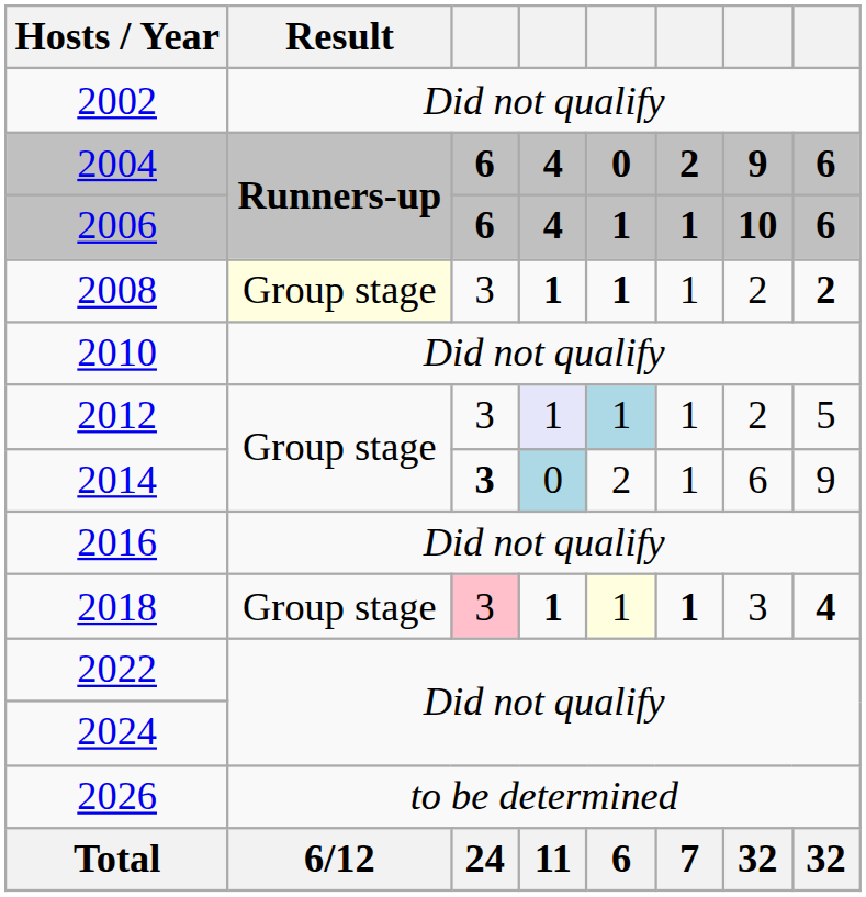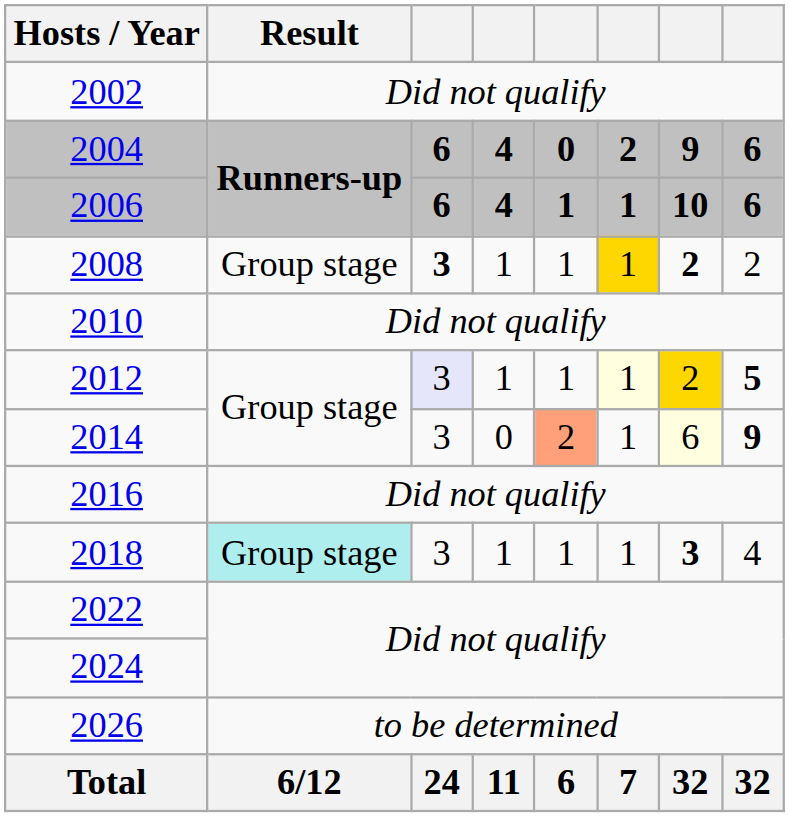 <table class="wikitable" style="text-align: center;">
 <tr>
 <th>Hosts / Year</th>
 <th>Result</th>
 <th width=20></th>
 <th width=20></th>
 <th width=20></th>
 <th width=20></th>
 <th width=20></th>
 <th width=20></th>
 </tr>
 <tr>
 <td> <a href='#'>2002</a></td>
 <td colspan=7><em>Did not qualify</em></td>
 </tr>
 <tr bgcolor=silver>
 <td> <a href='#'>2004</a></td>
 <td rowspan=2><strong>Runners-up</strong></td>
 <td><strong>6</strong></td>
 <td><strong>4</strong></td>
 <td><strong>0</strong></td>
 <td><strong>2</strong></td>
 <td><strong>9</strong></td>
 <td><strong>6</strong></td>
 </tr>
 <tr bgcolor=silver>
 <td> <a href='#'>2006</a></td>
 <td><strong>6</strong></td>
 <td><strong>4</strong></td>
 <td><strong>1</strong></td>
 <td><strong>1</strong></td>
 <td><strong>10</strong></td>
 <td><strong>6</strong></td>
 </tr>
 <tr>
 <td> <a href='#'>2008</a></td>
-<td style="background: lightyellow;">Group stage</td>
-<td>3</td>
-<td><strong>1</strong></td>
-<td><strong>1</strong></td>
+<td>Group stage</td>
+<td><strong>3</strong></td>
 <td>1</td>
+<td>1</td>
+<td style="background: gold;">1</td>
+<td><strong>2</strong></td>
 <td>2</td>
-<td><strong>2</strong></td>
 </tr>
 <tr>
 <td> <a href='#'>2010</a></td>
 <td colspan=7><em>Did not qualify</em></td>
 </tr>
 <tr>
 <td> <a href='#'>2012</a></td>
 <td rowspan=2>Group stage</td>
-<td>3</td>
-<td style="background: lavender;">1</td>
-<td style="background: lightblue;">1</td>
+<td style="background: lavender;">3</td>
 <td>1</td>
-<td>2</td>
-<td>5</td>
+<td>1</td>
+<td style="background: lightyellow;">1</td>
+<td style="background: gold;">2</td>
+<td><strong>5</strong></td>
 </tr>
 <tr>
 <td> <a href='#'>2014</a></td>
-<td><strong>3</strong></td>
-<td style="background: lightblue;">0</td>
-<td>2</td>
+<td>3</td>
+<td>0</td>
+<td style="background: lightsalmon;">2</td>
 <td>1</td>
-<td>6</td>
-<td>9</td>
+<td style="background: lightyellow;">6</td>
+<td><strong>9</strong></td>
 </tr>
 <tr>
 <td> <a href='#'>2016</a></td>
 <td colspan=7><em>Did not qualify</em></td>
 </tr>
 <tr>
 <td> <a href='#'>2018</a></td>
-<td>Group stage</td>
-<td style="background: pink;">3</td>
-<td><strong>1</strong></td>
-<td style="background: lightyellow;">1</td>
-<td><strong>1</strong></td>
+<td style="background: paleturquoise;">Group stage</td>
 <td>3</td>
-<td><strong>4</strong></td>
+<td>1</td>
+<td>1</td>
+<td>1</td>
+<td><strong>3</strong></td>
+<td>4</td>
 </tr>
 <tr>
 <td> <a href='#'>2022</a></td>
 <td colspan=7 rowspan=2><em>Did not qualify</em></td>
 </tr>
 <tr>
 <td> <a href='#'>2024</a></td>
 </tr>
 <tr>
 <td> <a href='#'>2026</a></td>
 <td colspan=7><em>to be determined</em></td>
 </tr>
 <tr>
 <th>Total</th>
 <th>6/12</th>
 <th>24</th>
 <th>11</th>
 <th>6</th>
 <th>7</th>
 <th>32</th>
 <th>32</th>
 </tr>
 </table>
